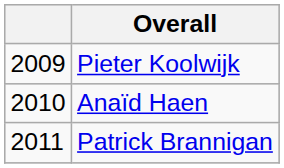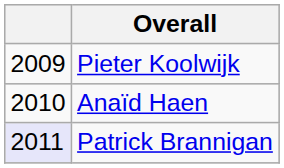 <table class="wikitable">
 <tr>
 <th></th>
 <th>Overall</th>
 </tr>
 <tr>
 <td>2009</td>
 <td><a href='#'>Pieter Koolwijk</a></td>
 </tr>
 <tr>
 <td>2010</td>
 <td><a href='#'>Anaïd Haen</a></td>
 </tr>
 <tr>
-<td>2011</td>
+<td style="background: lavender;">2011</td>
 <td><a href='#'>Patrick Brannigan</a></td>
 </tr>
 </table>
